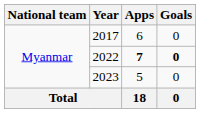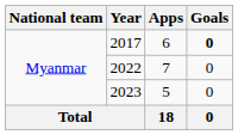 <table class=wikitable style=text-align:center>
 <tr>
 <th>National team</th>
 <th>Year</th>
 <th>Apps</th>
 <th>Goals</th>
 </tr>
 <tr>
 <td rowspan=3><a href='#'>Myanmar</a></td>
 <td>2017</td>
 <td>6</td>
-<td>0</td>
+<td><strong>0</strong></td>
 </tr>
 <tr>
 <td>2022</td>
-<td><strong>7</strong></td>
-<td><strong>0</strong></td>
+<td>7</td>
+<td>0</td>
 </tr>
 <tr>
 <td>2023</td>
 <td>5</td>
 <td>0</td>
 </tr>
 <tr>
 <th colspan=2>Total</th>
 <th>18</th>
 <th>0</th>
 </tr>
 </table>
